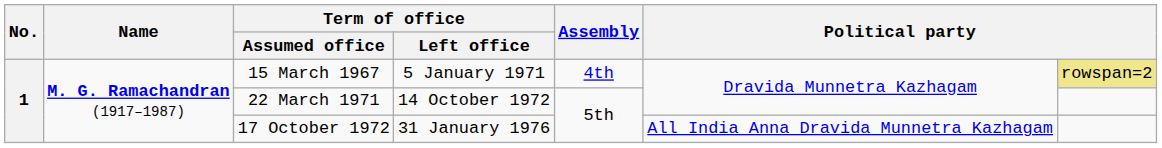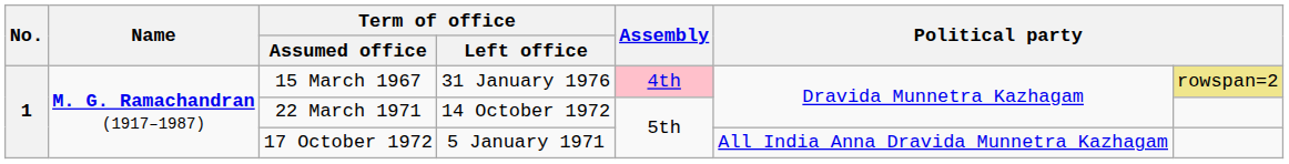 <table class="wikitable sortable" style="text-align:center">
 <tr>
 <th rowspan=2>No.</th>
 <th rowspan=2>Name<br></th>
 <th colspan=2>Term of office</th>
 <th rowspan=2><a href='#'>Assembly</a><br></th>
 <th rowspan=2 colspan=2>Political party</th>
 </tr>
 <tr>
 <th>Assumed office</th>
 <th>Left office</th>
 </tr>
 <tr>
 <th rowspan=3>1</th>
 <td rowspan=3><strong><a href='#'>M. G. Ramachandran</a></strong><br><small>(1917–1987)</small></td>
 <td>15 March 1967</td>
-<td>5 January 1971</td>
-<td><a href='#'>4th</a><br></td>
+<td>31 January 1976</td>
+<td style="background: pink;"><a href='#'>4th</a><br></td>
 <td rowspan=2><a href='#'>Dravida Munnetra Kazhagam</a></td>
 <td style="background: khaki;">rowspan=2 </td>
 </tr>
 <tr>
 <td>22 March 1971</td>
 <td>14 October 1972</td>
 <td rowspan=2>5th<br></td>
 </tr>
 <tr>
 <td>17 October 1972</td>
-<td>31 January 1976</td>
+<td>5 January 1971</td>
 <td><a href='#'>All India Anna Dravida Munnetra Kazhagam</a></td>
 <td></td>
 </tr>
 </table>
